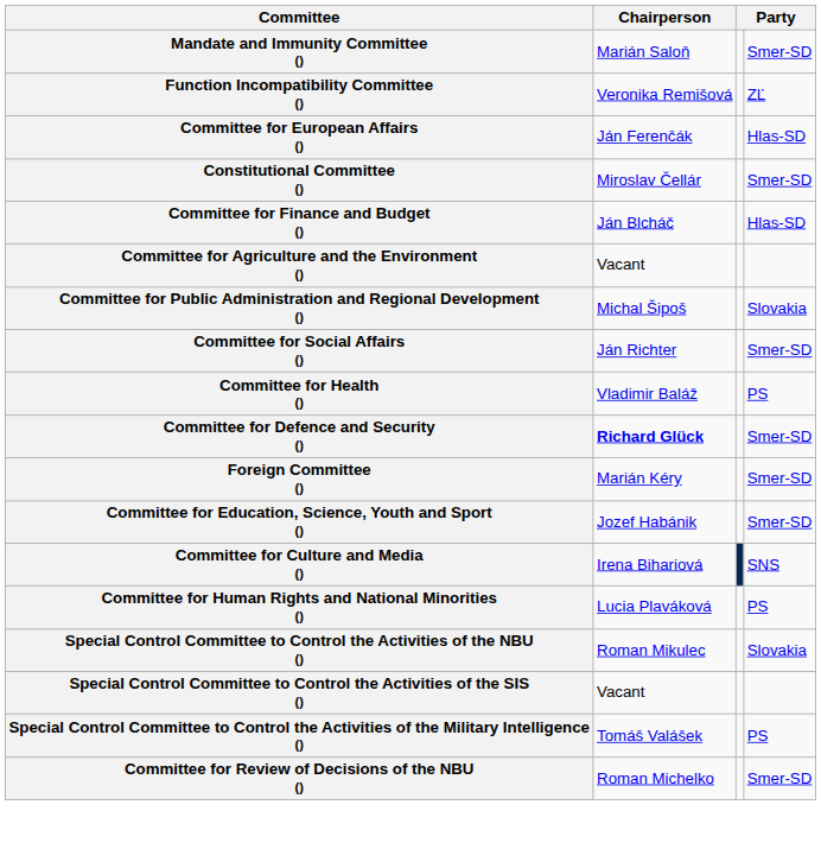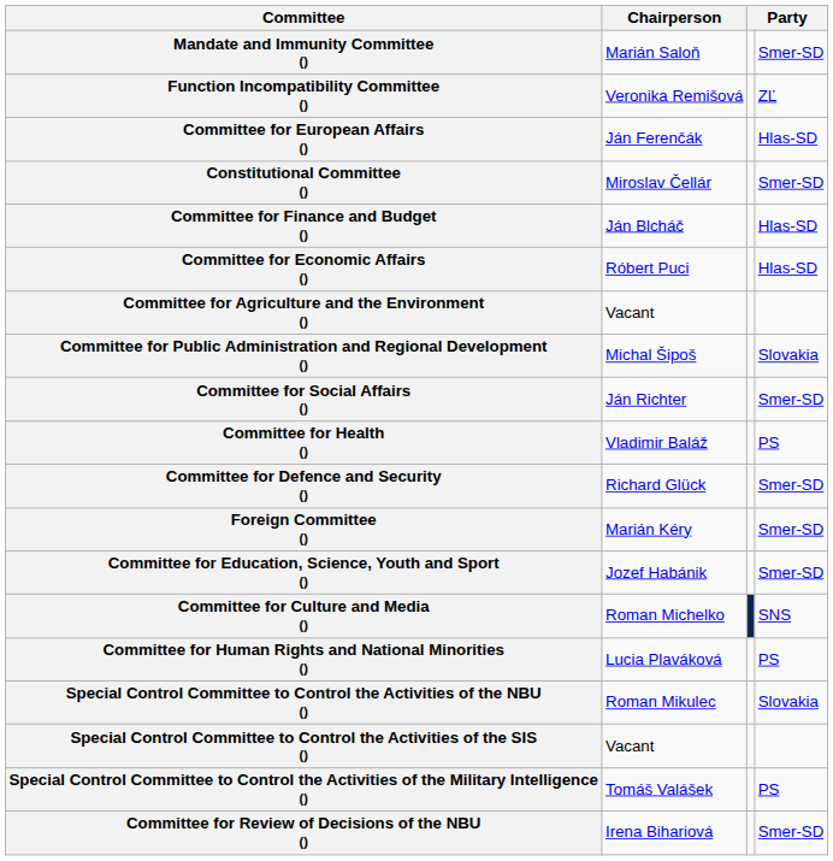 <table class="wikitable plainrowheaders">
 <tr>
 <th>Committee</th>
 <th>Chairperson</th>
 <th colspan="2">Party</th>
 </tr>
 <tr>
 <th scope="row">Mandate and Immunity Committee<br><small>()</small></th>
 <td><a href='#'>Marián Saloň</a></td>
 <td style="background:"></td>
 <td><a href='#'>Smer-SD</a></td>
 </tr>
 <tr>
 <th scope="row">Function Incompatibility Committee<br><small>()</small></th>
 <td><a href='#'>Veronika Remišová</a></td>
 <td style="background:"></td>
 <td><a href='#'>ZĽ</a></td>
 </tr>
 <tr>
 <th scope="row">Committee for European Affairs<br><small>()</small></th>
 <td><a href='#'>Ján Ferenčák</a></td>
 <td style="background:"></td>
 <td><a href='#'>Hlas-SD</a></td>
 </tr>
 <tr>
 <th scope="row">Constitutional Committee<br><small>()</small></th>
 <td><a href='#'>Miroslav Čellár</a></td>
 <td style="background:"></td>
 <td><a href='#'>Smer-SD</a></td>
 </tr>
 <tr>
 <th scope="row">Committee for Finance and Budget<br><small>()</small></th>
 <td><a href='#'>Ján Blcháč</a></td>
 <td style="background:"></td>
 <td><a href='#'>Hlas-SD</a></td>
 </tr>
 <tr>
+<th scope="row">Committee for Economic Affairs<br><small>()</small></th>
+<td><a href='#'>Róbert Puci</a></td>
+<td style="background:"></td>
+<td><a href='#'>Hlas-SD</a></td>
+</tr>
+<tr>
 <th scope="row">Committee for Agriculture and the Environment<br><small>()</small></th>
 <td>Vacant</td>
 <td style="background:"></td>
 </tr>
 <tr>
 <th scope="row">Committee for Public Administration and Regional Development<br><small>()</small></th>
 <td><a href='#'>Michal Šipoš</a></td>
 <td style="background:"></td>
 <td><a href='#'>Slovakia</a></td>
 </tr>
 <tr>
 <th scope="row">Committee for Social Affairs<br><small>()</small></th>
 <td><a href='#'>Ján Richter</a></td>
 <td style="background:"></td>
 <td><a href='#'>Smer-SD</a></td>
 </tr>
 <tr>
 <th scope="row">Committee for Health<br><small>()</small></th>
 <td><a href='#'>Vladimir Baláž</a></td>
 <td style="background:"></td>
 <td><a href='#'>PS</a></td>
 </tr>
 <tr>
 <th scope="row">Committee for Defence and Security<br><small>()</small></th>
-<td><strong><a href='#'>Richard Glück</a></strong></td>
+<td><a href='#'>Richard Glück</a></td>
 <td style="background:"></td>
 <td><a href='#'>Smer-SD</a></td>
 </tr>
 <tr>
 <th scope="row">Foreign Committee<br><small>()</small></th>
 <td><a href='#'>Marián Kéry</a></td>
 <td style="background:"></td>
 <td><a href='#'>Smer-SD</a></td>
 </tr>
 <tr>
 <th scope="row">Committee for Education, Science, Youth and Sport<br><small>()</small></th>
 <td><a href='#'>Jozef Habánik</a></td>
 <td style="background:"></td>
 <td><a href='#'>Smer-SD</a></td>
 </tr>
 <tr>
 <th scope="row">Committee for Culture and Media<br><small>()</small></th>
-<td><a href='#'>Irena Bihariová</a></td>
+<td><a href='#'>Roman Michelko</a></td>
 <td style="background:#062751"></td>
 <td><a href='#'>SNS</a></td>
 </tr>
 <tr>
 <th scope="row">Committee for Human Rights and National Minorities<br><small>()</small></th>
 <td><a href='#'>Lucia Plaváková</a></td>
 <td style="background:"></td>
 <td><a href='#'>PS</a></td>
 </tr>
 <tr>
 <th scope="row">Special Control Committee to Control the Activities of the NBU<br><small>()</small></th>
 <td><a href='#'>Roman Mikulec</a></td>
 <td style="background:"></td>
 <td><a href='#'>Slovakia</a></td>
 </tr>
 <tr>
 <th scope="row">Special Control Committee to Control the Activities of the SIS<br><small>()</small></th>
 <td>Vacant</td>
 <td style="background:"></td>
 </tr>
 <tr>
 <th scope="row">Special Control Committee to Control the Activities of the Military Intelligence<br><small>()</small></th>
 <td><a href='#'>Tomáš Valášek</a></td>
 <td style="background:"></td>
 <td><a href='#'>PS</a></td>
 </tr>
 <tr>
 <th scope="row">Committee for Review of Decisions of the NBU<br><small>()</small></th>
-<td><a href='#'>Roman Michelko</a></td>
+<td><a href='#'>Irena Bihariová</a></td>
 <td style="background:"></td>
 <td><a href='#'>Smer-SD</a></td>
 </tr>
 </table>
